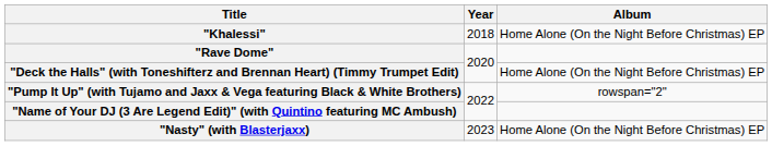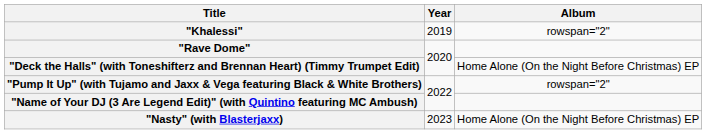 <table class="wikitable plainrowheaders" style="text-align:center;" border="1">
 <tr>
 <th>Title</th>
 <th>Year</th>
 <th>Album</th>
 </tr>
 <tr>
 <th scope="row">"Khalessi" <br></th>
-<td>2018</td>
-<td>Home Alone (On the Night Before Christmas) EP</td>
+<td>2019</td>
+<td>rowspan="2" </td>
 </tr>
 <tr>
 <th scope="row">"Rave Dome" <br></th>
 <td rowspan="2">2020</td>
 </tr>
 <tr>
 <th scope="row">"Deck the Halls" (with Toneshifterz and Brennan Heart) (Timmy Trumpet Edit)</th>
 <td>Home Alone (On the Night Before Christmas) EP</td>
 </tr>
 <tr>
 <th scope="row">"Pump It Up" (with Tujamo and Jaxx & Vega featuring Black & White Brothers)</th>
 <td rowspan="2">2022</td>
 <td>rowspan="2" </td>
 </tr>
 <tr>
 <th scope="row">"Name of Your DJ (3 Are Legend Edit)" (with <a href='#'>Quintino</a> featuring MC Ambush)</th>
 </tr>
 <tr>
 <th scope="row">"Nasty" (with <a href='#'>Blasterjaxx</a>)</th>
 <td rowspan="2">2023</td>
 <td>Home Alone (On the Night Before Christmas) EP</td>
 </tr>
 </table>
